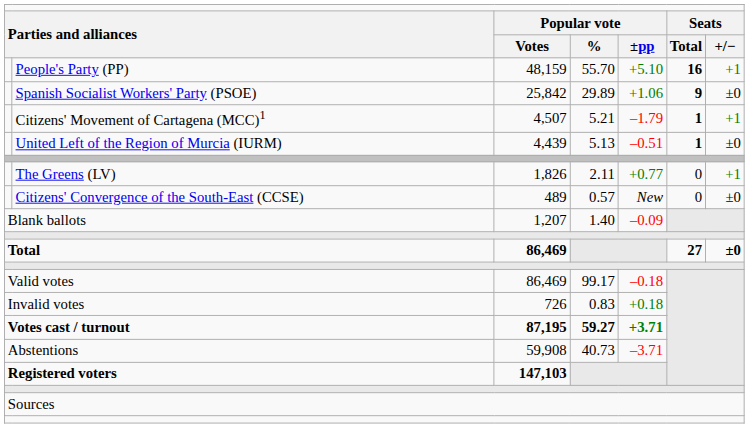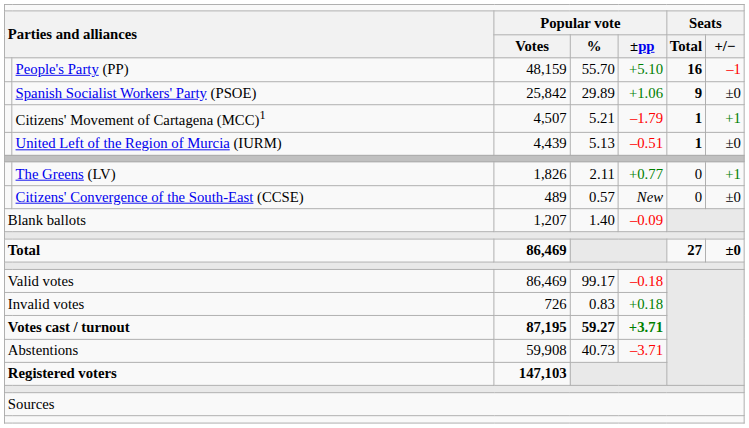 <table class="wikitable" style="text-align:right;">
 <tr>
 <td colspan="7"></td>
 </tr>
 <tr>
 <th style="text-align:left;" rowspan="2" colspan="2" width="525">Parties and alliances</th>
 <th colspan="3">Popular vote</th>
 <th colspan="2">Seats</th>
 </tr>
 <tr>
 <th width="75">Votes</th>
 <th width="45">%</th>
 <th width="45">±<a href='#'>pp</a></th>
 <th width="35">Total</th>
 <th width="35">+/−</th>
 </tr>
 <tr>
 <td width="1" style="color:inherit;background:"></td>
 <td align="left"><a href='#'>People's Party</a> (PP)</td>
 <td>48,159</td>
 <td>55.70</td>
 <td style="color:green;">+5.10</td>
 <td><strong>16</strong></td>
-<td style="color:green;">+1</td>
+<td style="color:red;">–1</td>
 </tr>
 <tr>
 <td style="color:inherit;background:"></td>
 <td align="left"><a href='#'>Spanish Socialist Workers' Party</a> (PSOE)</td>
 <td>25,842</td>
 <td>29.89</td>
 <td style="color:green;">+1.06</td>
 <td><strong>9</strong></td>
 <td>±0</td>
 </tr>
 <tr>
 <td style="color:inherit;background:"></td>
 <td align="left">Citizens' Movement of Cartagena (MCC)<sup>1</sup></td>
 <td>4,507</td>
 <td>5.21</td>
 <td style="color:red;">–1.79</td>
 <td><strong>1</strong></td>
 <td style="color:green;">+1</td>
 </tr>
 <tr>
 <td style="color:inherit;background:"></td>
 <td align="left"><a href='#'>United Left of the Region of Murcia</a> (IURM)</td>
 <td>4,439</td>
 <td>5.13</td>
 <td style="color:red;">–0.51</td>
 <td><strong>1</strong></td>
 <td>±0</td>
 </tr>
 <tr>
 <td colspan="7" bgcolor="#C0C0C0"></td>
 </tr>
 <tr>
 <td style="color:inherit;background:"></td>
 <td align="left"><a href='#'>The Greens</a> (LV)</td>
 <td>1,826</td>
 <td>2.11</td>
 <td style="color:green;">+0.77</td>
 <td>0</td>
 <td style="color:green;">+1</td>
 </tr>
 <tr>
 <td style="color:inherit;background:"></td>
 <td align="left"><a href='#'>Citizens' Convergence of the South-East</a> (CCSE)</td>
 <td>489</td>
 <td>0.57</td>
 <td><em>New</em></td>
 <td>0</td>
 <td>±0</td>
 </tr>
 <tr>
 <td align="left" colspan="2">Blank ballots</td>
 <td>1,207</td>
 <td>1.40</td>
 <td style="color:red;">–0.09</td>
 <td bgcolor="#E9E9E9" colspan="2"></td>
 </tr>
 <tr>
 <td colspan="7" bgcolor="#E9E9E9"></td>
 </tr>
 <tr style="font-weight:bold;">
 <td align="left" colspan="2">Total</td>
 <td>86,469</td>
 <td bgcolor="#E9E9E9" colspan="2"></td>
 <td>27</td>
 <td>±0</td>
 </tr>
 <tr>
 <td colspan="7" bgcolor="#E9E9E9"></td>
 </tr>
 <tr>
 <td align="left" colspan="2">Valid votes</td>
 <td>86,469</td>
 <td>99.17</td>
 <td style="color:red;">–0.18</td>
 <td bgcolor="#E9E9E9" colspan="2" rowspan="5"></td>
 </tr>
 <tr>
 <td align="left" colspan="2">Invalid votes</td>
 <td>726</td>
 <td>0.83</td>
 <td style="color:green;">+0.18</td>
 </tr>
 <tr style="font-weight:bold;">
 <td align="left" colspan="2">Votes cast / turnout</td>
 <td>87,195</td>
 <td>59.27</td>
 <td style="color:green;">+3.71</td>
 </tr>
 <tr>
 <td align="left" colspan="2">Abstentions</td>
 <td>59,908</td>
 <td>40.73</td>
 <td style="color:red;">–3.71</td>
 </tr>
 <tr style="font-weight:bold;">
 <td align="left" colspan="2">Registered voters</td>
 <td>147,103</td>
 <td bgcolor="#E9E9E9" colspan="2"></td>
 </tr>
 <tr>
 <td colspan="7" bgcolor="#E9E9E9"></td>
 </tr>
 <tr>
 <td align="left" colspan="7">Sources</td>
 </tr>
 <tr>
 <td colspan="7" style="text-align:left; max-width:790px;"></td>
 </tr>
 </table>
